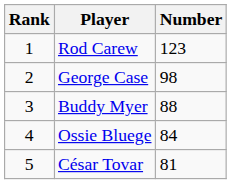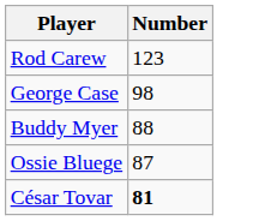 <table class="wikitable" style="font-size: 95%; text-align:left;">
 <tr>
-<th>Rank</th>
 <th>Player</th>
 <th>Number</th>
 </tr>
 <tr>
-<td align="center">1</td>
 <td><a href='#'>Rod Carew</a></td>
 <td>123</td>
 </tr>
 <tr>
-<td align="center">2</td>
 <td><a href='#'>George Case</a></td>
 <td>98</td>
 </tr>
 <tr>
-<td align="center">3</td>
 <td><a href='#'>Buddy Myer</a></td>
 <td>88</td>
 </tr>
 <tr>
-<td align="center">4</td>
 <td><a href='#'>Ossie Bluege</a></td>
-<td>84</td>
+<td>87</td>
 </tr>
 <tr>
-<td align="center">5</td>
 <td><a href='#'>César Tovar</a></td>
-<td>81</td>
+<td><strong>81</strong></td>
 </tr>
 </table>
